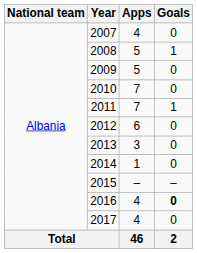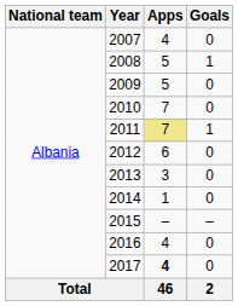 <table class="wikitable" style="text-align:center">
 <tr>
 <th>National team</th>
 <th>Year</th>
 <th>Apps</th>
 <th>Goals</th>
 </tr>
 <tr>
 <td rowspan="11"><a href='#'>Albania</a></td>
 <td>2007</td>
 <td>4</td>
 <td>0</td>
 </tr>
 <tr>
 <td>2008</td>
 <td>5</td>
 <td>1</td>
 </tr>
 <tr>
 <td>2009</td>
 <td>5</td>
 <td>0</td>
 </tr>
 <tr>
 <td>2010</td>
 <td>7</td>
 <td>0</td>
 </tr>
 <tr>
 <td>2011</td>
-<td>7</td>
+<td style="background: khaki;">7</td>
 <td>1</td>
 </tr>
 <tr>
 <td>2012</td>
 <td>6</td>
 <td>0</td>
 </tr>
 <tr>
 <td>2013</td>
 <td>3</td>
 <td>0</td>
 </tr>
 <tr>
 <td>2014</td>
 <td>1</td>
 <td>0</td>
 </tr>
 <tr>
 <td>2015</td>
 <td>–</td>
 <td>–</td>
 </tr>
 <tr>
 <td>2016</td>
 <td>4</td>
-<td><strong>0</strong></td>
+<td>0</td>
 </tr>
 <tr>
 <td>2017</td>
-<td>4</td>
+<td><strong>4</strong></td>
 <td>0</td>
 </tr>
 <tr>
 <th colspan="2">Total</th>
 <th>46</th>
 <th>2</th>
 </tr>
 </table>
